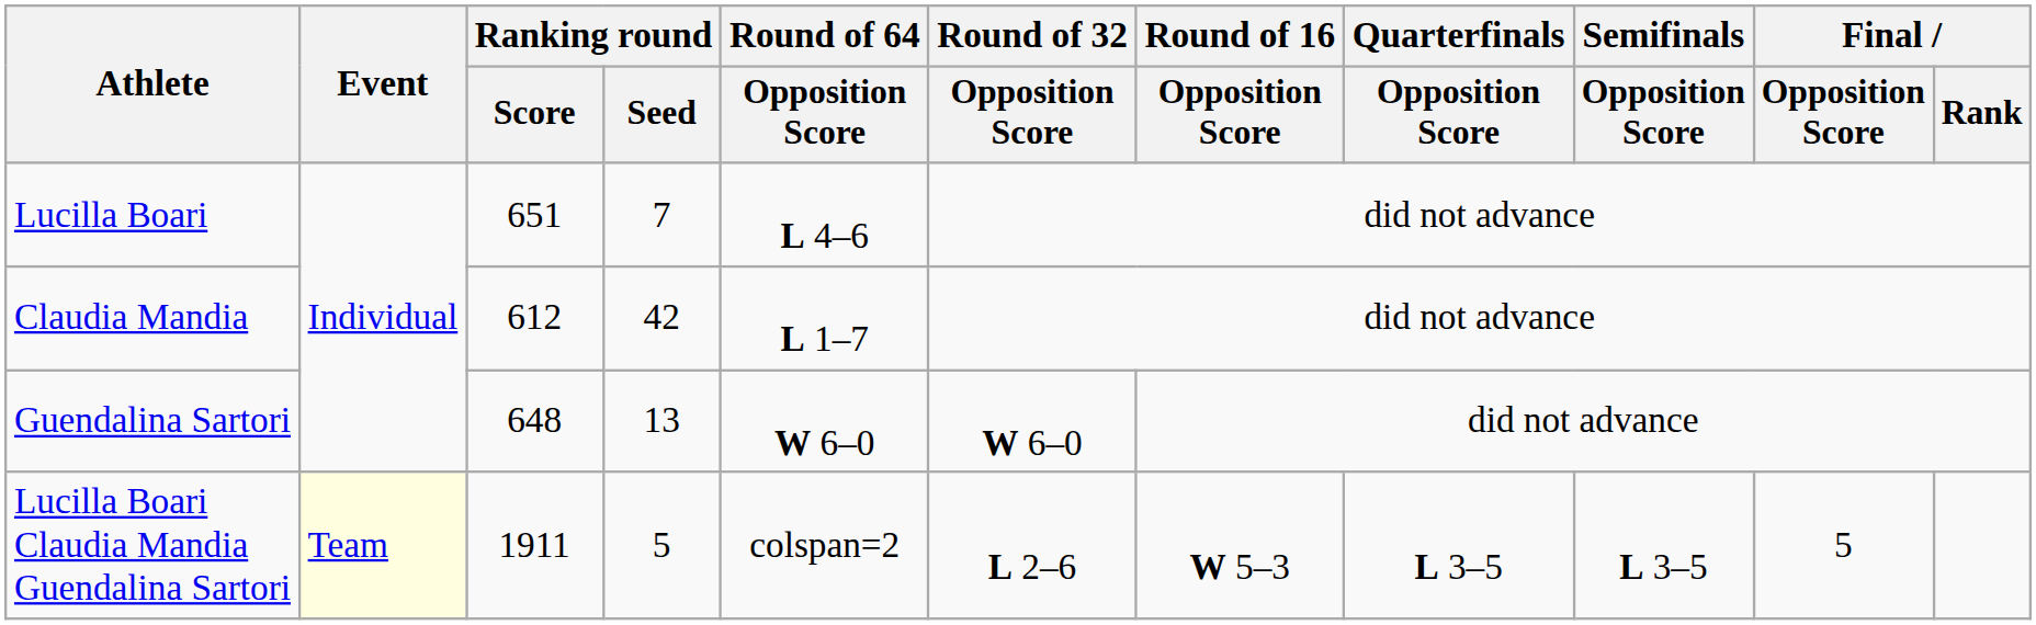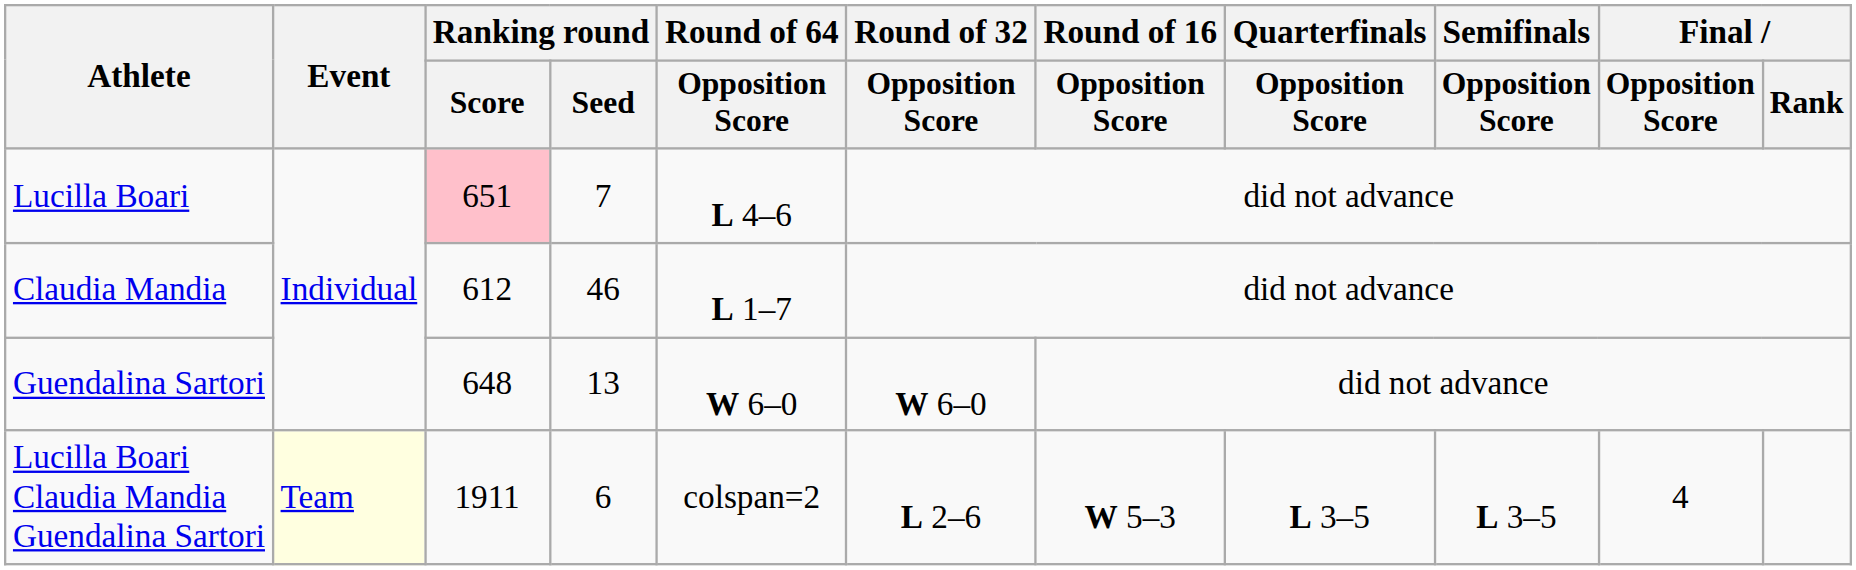 <table class="wikitable" style="font-size:90%">
 <tr>
 <th rowspan=2>Athlete</th>
 <th rowspan=2>Event</th>
 <th colspan="2">Ranking round</th>
 <th>Round of 64</th>
 <th>Round of 32</th>
 <th>Round of 16</th>
 <th>Quarterfinals</th>
 <th>Semifinals</th>
 <th colspan="2">Final / </th>
 </tr>
 <tr style="font-size:95%">
 <th>Score</th>
 <th>Seed</th>
 <th>Opposition<br>Score</th>
 <th>Opposition<br>Score</th>
 <th>Opposition<br>Score</th>
 <th>Opposition<br>Score</th>
 <th>Opposition<br>Score</th>
 <th>Opposition<br>Score</th>
 <th>Rank</th>
 </tr>
 <tr align=center>
 <td align=left><a href='#'>Lucilla Boari</a></td>
 <td align=left rowspan=3><a href='#'>Individual</a></td>
-<td>651</td>
+<td style="background: pink;">651</td>
 <td>7</td>
 <td><br><strong>L</strong> 4–6</td>
 <td colspan=6>did not advance</td>
 </tr>
 <tr align=center>
 <td align=left><a href='#'>Claudia Mandia</a></td>
 <td>612</td>
-<td>42</td>
+<td>46</td>
 <td><br><strong>L</strong> 1–7</td>
 <td colspan=6>did not advance</td>
 </tr>
 <tr align=center>
 <td align=left><a href='#'>Guendalina Sartori</a></td>
 <td>648</td>
 <td>13</td>
 <td><br><strong>W</strong> 6–0</td>
 <td><br><strong>W</strong> 6–0</td>
 <td colspan=6>did not advance</td>
 </tr>
 <tr align=center>
 <td align=left><a href='#'>Lucilla Boari</a><br><a href='#'>Claudia Mandia</a><br><a href='#'>Guendalina Sartori</a></td>
 <td align=left style="background: lightyellow;"><a href='#'>Team</a></td>
 <td>1911</td>
-<td>5</td>
+<td>6</td>
 <td>colspan=2 </td>
 <td><br><strong>L</strong> 2–6</td>
 <td><br><strong>W</strong> 5–3</td>
 <td><br><strong>L</strong> 3–5</td>
 <td><br><strong>L</strong> 3–5</td>
-<td>5</td>
+<td>4</td>
 </tr>
 </table>
